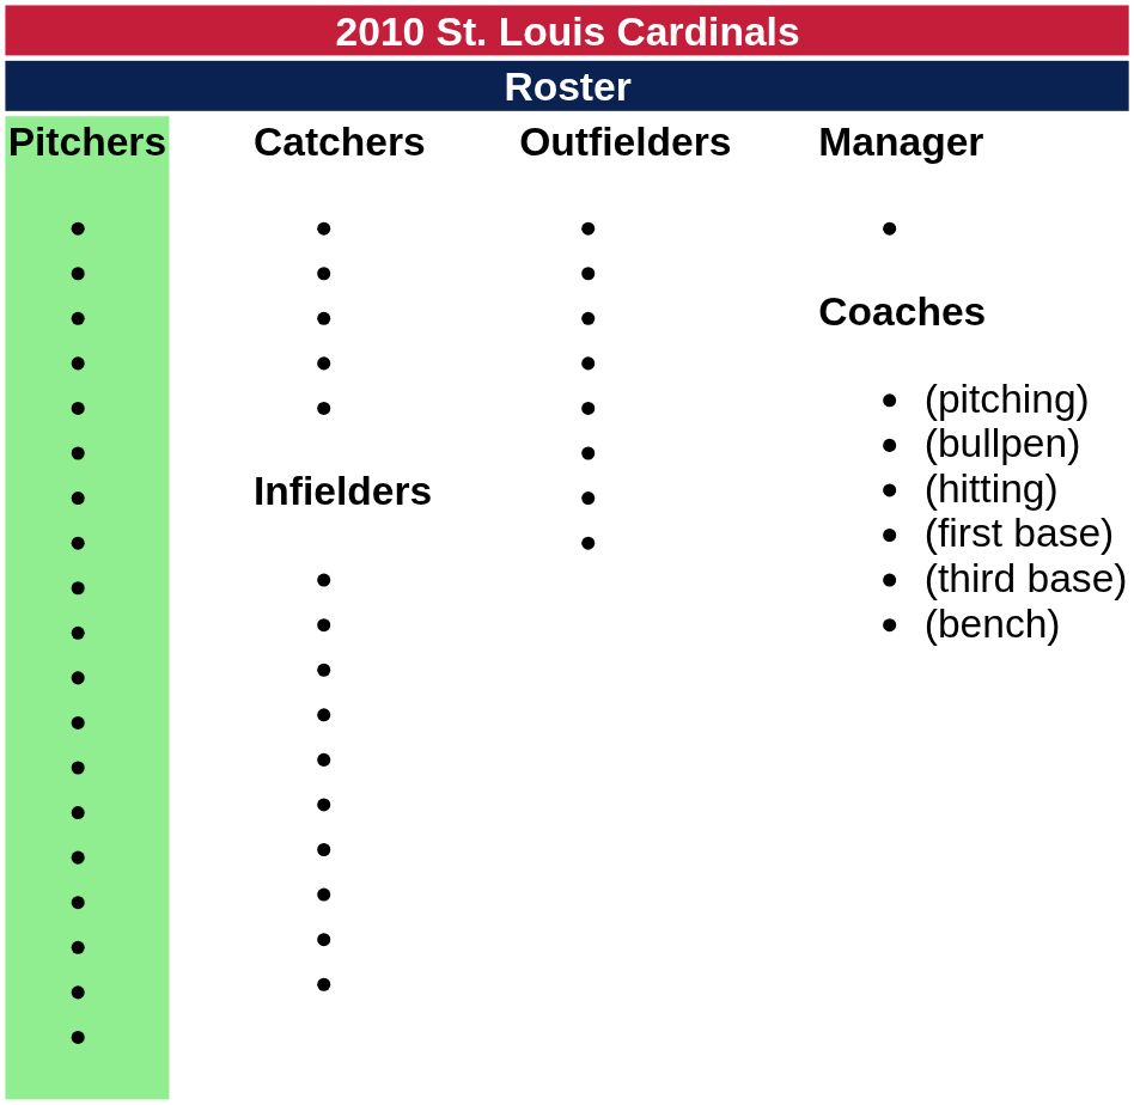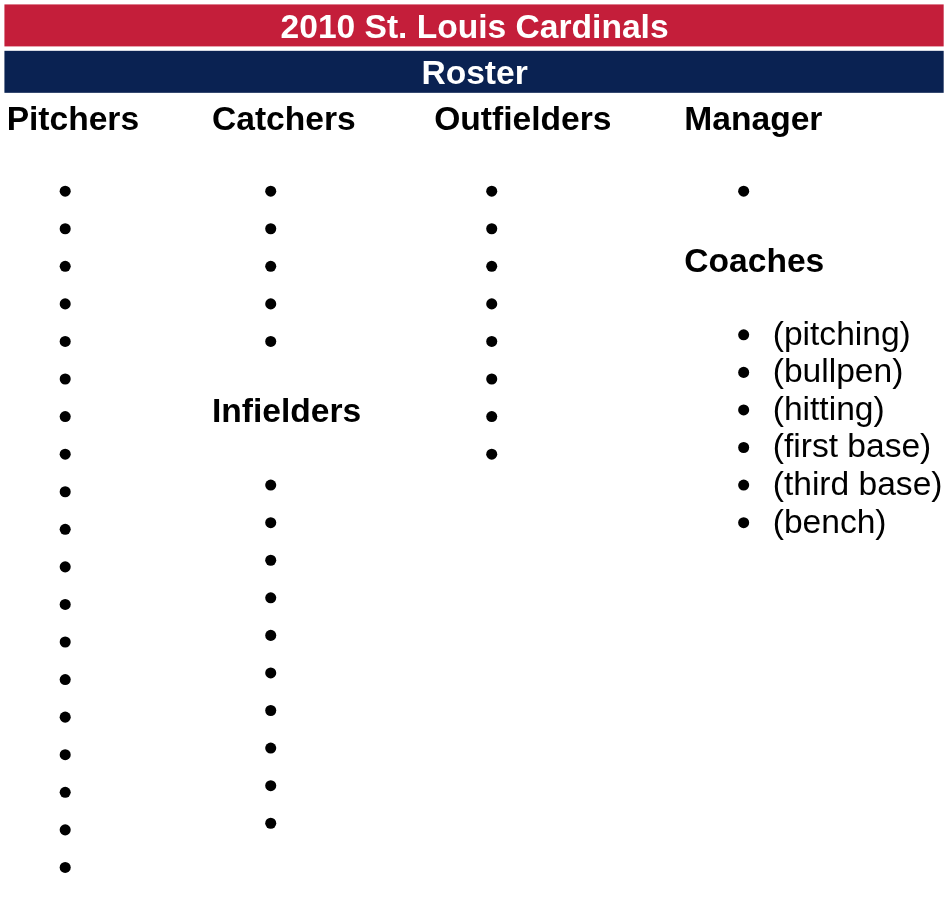 <table class="toccolours" style="font-size: 95%;">
 <tr>
 <th colspan="10" style="background-color: #c41e3a; color: #FFFFFF; text-align: center;">2010 St. Louis Cardinals</th>
 </tr>
 <tr>
 <td colspan="10" style="background-color: #0a2252; color: #FFFFFF; text-align: center;"><strong>Roster</strong></td>
 </tr>
 <tr>
-<td valign="top" style="background: lightgreen;"><strong>Pitchers</strong><br><ul><li></li><li></li><li></li><li></li><li></li><li></li><li></li><li></li><li></li><li></li><li></li><li></li><li></li><li></li><li></li><li></li><li></li><li></li><li></li></ul></td>
+<td valign="top"><strong>Pitchers</strong><br><ul><li></li><li></li><li></li><li></li><li></li><li></li><li></li><li></li><li></li><li></li><li></li><li></li><li></li><li></li><li></li><li></li><li></li><li></li><li></li></ul></td>
 <td width="25px"></td>
 <td valign="top"><strong>Catchers</strong><br><ul><li></li><li></li><li></li><li></li><li></li></ul><strong>Infielders</strong><ul><li></li><li></li><li></li><li></li><li></li><li></li><li></li><li></li><li></li><li></li></ul></td>
 <td width="25px"></td>
 <td valign="top"><strong>Outfielders</strong><br><ul><li></li><li></li><li></li><li></li><li></li><li></li><li></li><li></li></ul></td>
 <td width="25px"></td>
 <td valign="top"><strong>Manager</strong><br><ul><li></li></ul><strong>Coaches</strong><ul><li> (pitching)</li><li> (bullpen)</li><li> (hitting)</li><li> (first base)</li><li> (third base)</li><li> (bench)</li></ul></td>
 </tr>
 </table>
